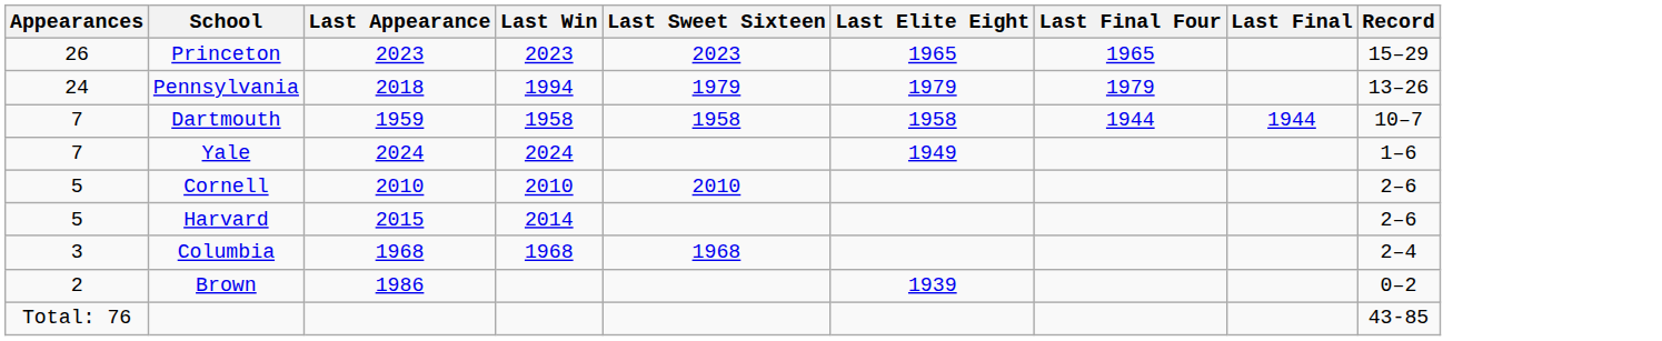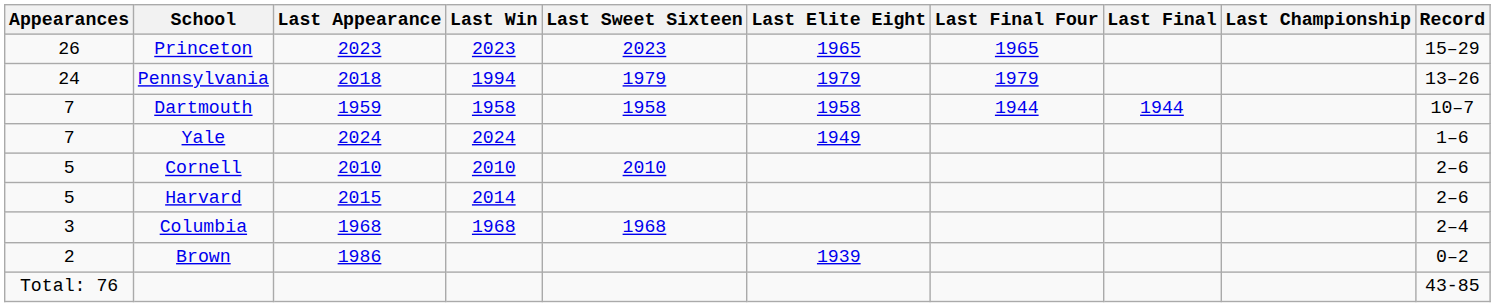 <table class="wikitable sortable" style="text-align:center">
 <tr>
 <th width=px>Appearances</th>
 <th width=px>School</th>
 <th width=px>Last Appearance</th>
 <th width=px>Last Win</th>
 <th width=px>Last Sweet Sixteen</th>
 <th width=px>Last Elite Eight</th>
 <th width=px>Last Final Four</th>
 <th width=px>Last Final</th>
+<th width=px>Last Championship</th>
 <th width=px>Record</th>
 </tr>
 <tr>
 <td>26</td>
 <td><a href='#'>Princeton</a></td>
 <td><a href='#'>2023</a></td>
 <td><a href='#'>2023</a></td>
 <td><a href='#'>2023</a></td>
 <td><a href='#'>1965</a></td>
 <td><a href='#'>1965</a></td>
+<td></td>
 <td></td>
 <td>15–29</td>
 </tr>
 <tr>
 <td>24</td>
 <td><a href='#'>Pennsylvania</a></td>
 <td><a href='#'>2018</a></td>
 <td><a href='#'>1994</a></td>
 <td><a href='#'>1979</a></td>
 <td><a href='#'>1979</a></td>
 <td><a href='#'>1979</a></td>
 <td></td>
+<td></td>
 <td>13–26</td>
 </tr>
 <tr>
 <td>7</td>
 <td><a href='#'>Dartmouth</a></td>
 <td><a href='#'>1959</a></td>
 <td><a href='#'>1958</a></td>
 <td><a href='#'>1958</a></td>
 <td><a href='#'>1958</a></td>
 <td><a href='#'>1944</a></td>
 <td><a href='#'>1944</a></td>
+<td></td>
 <td>10–7</td>
 </tr>
 <tr>
 <td>7</td>
 <td><a href='#'>Yale</a></td>
 <td><a href='#'>2024</a></td>
 <td><a href='#'>2024</a></td>
 <td></td>
 <td><a href='#'>1949</a></td>
+<td></td>
 <td></td>
 <td></td>
 <td>1–6</td>
 </tr>
 <tr>
 <td>5</td>
 <td><a href='#'>Cornell</a></td>
 <td><a href='#'>2010</a></td>
 <td><a href='#'>2010</a></td>
 <td><a href='#'>2010</a></td>
 <td></td>
 <td></td>
 <td></td>
+<td></td>
 <td>2–6</td>
 </tr>
 <tr>
 <td>5</td>
 <td><a href='#'>Harvard</a></td>
 <td><a href='#'>2015</a></td>
 <td><a href='#'>2014</a></td>
+<td></td>
 <td></td>
 <td></td>
 <td></td>
 <td></td>
 <td>2–6</td>
 </tr>
 <tr>
 <td>3</td>
 <td><a href='#'>Columbia</a></td>
 <td><a href='#'>1968</a></td>
 <td><a href='#'>1968</a></td>
 <td><a href='#'>1968</a></td>
 <td></td>
 <td></td>
 <td></td>
+<td></td>
 <td>2–4</td>
 </tr>
 <tr>
 <td>2</td>
 <td><a href='#'>Brown</a></td>
 <td><a href='#'>1986</a></td>
 <td></td>
 <td></td>
 <td><a href='#'>1939</a></td>
+<td></td>
 <td></td>
 <td></td>
 <td>0–2</td>
 </tr>
 <tr>
 <td>Total: 76</td>
 <td></td>
 <td></td>
 <td></td>
 <td></td>
 <td></td>
 <td></td>
 <td></td>
+<td></td>
 <td>43-85</td>
 </tr>
 </table>
